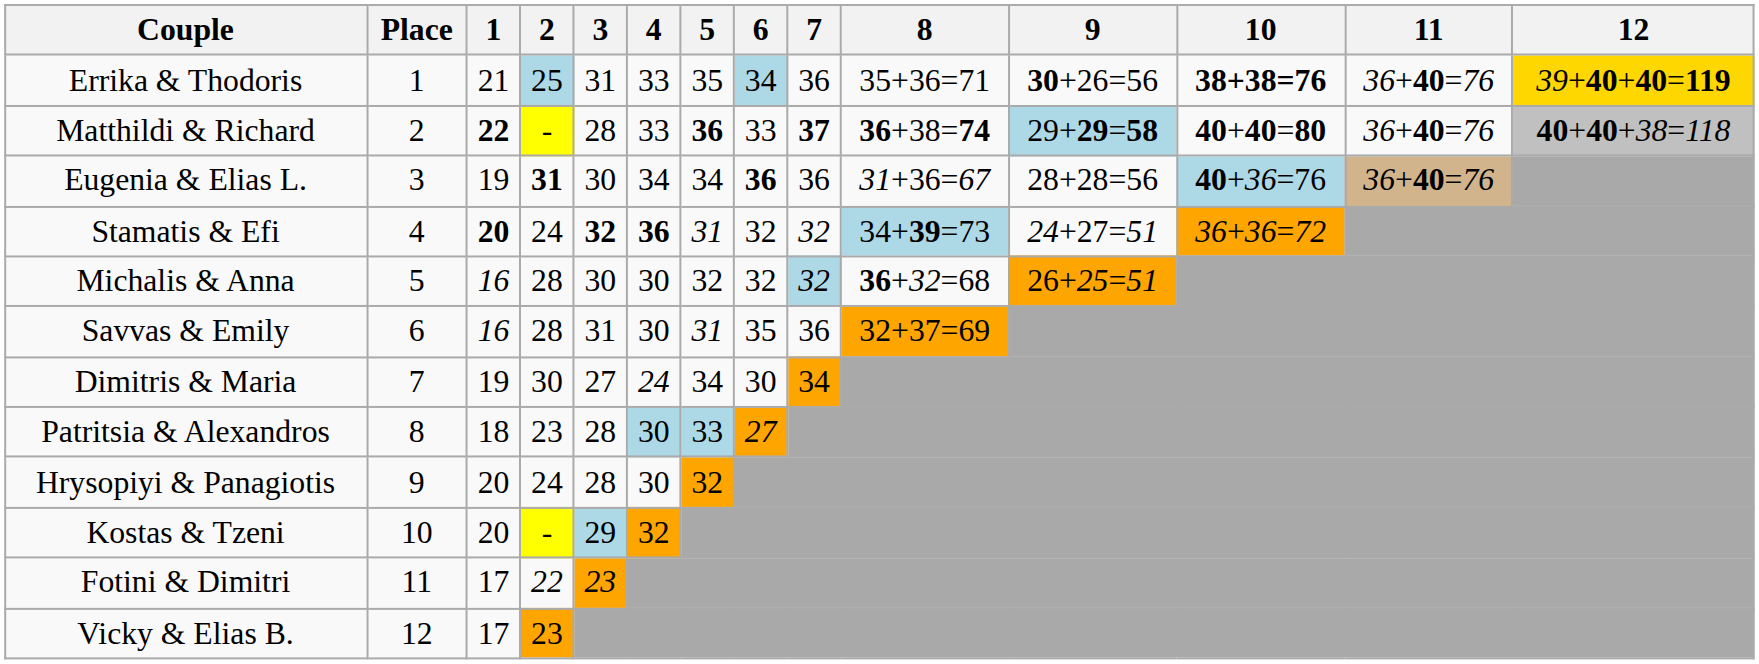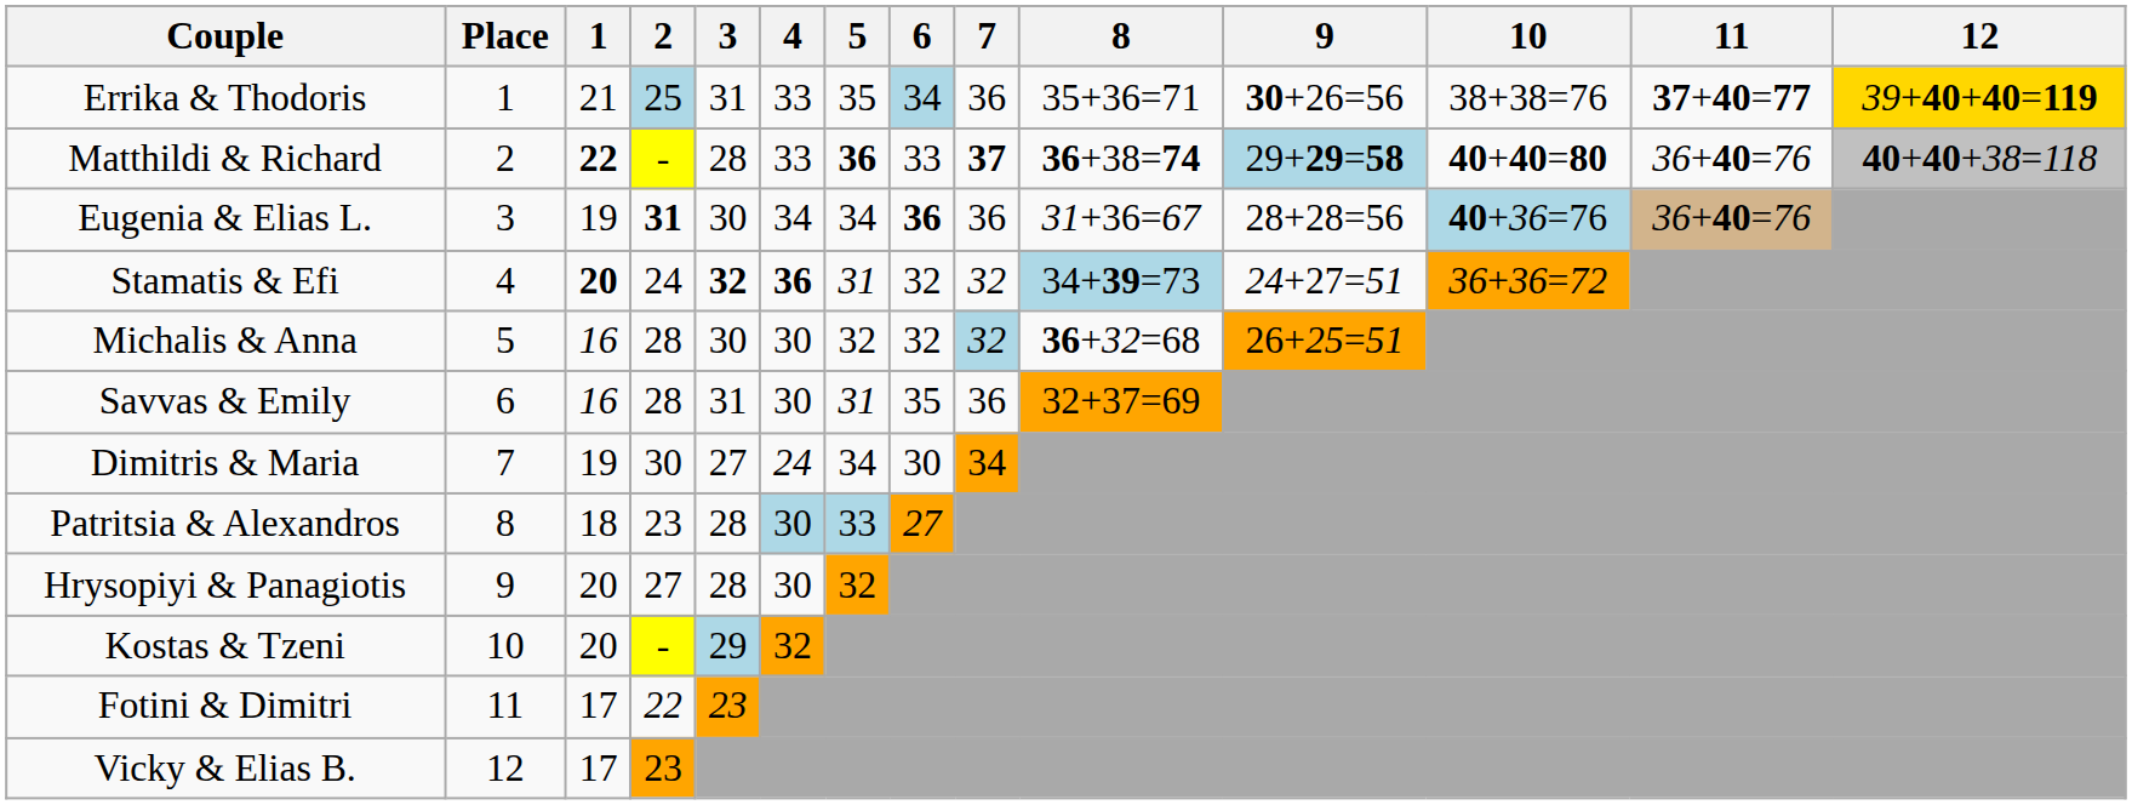 <table class="wikitable sortable"  style="margin:auto; text-align:center; white:nowrap; width:70%;">
 <tr>
 <th>Couple</th>
 <th>Place</th>
 <th>1</th>
 <th>2</th>
 <th>3</th>
 <th>4</th>
 <th>5</th>
 <th>6</th>
 <th>7</th>
 <th>8</th>
 <th>9</th>
 <th>10</th>
 <th>11</th>
 <th>12</th>
 </tr>
 <tr>
 <td>Errika & Thodoris</td>
 <td>1</td>
 <td>21</td>
 <td bgcolor="lightblue">25</td>
 <td>31</td>
 <td>33</td>
 <td>35</td>
 <td bgcolor="lightblue">34</td>
 <td>36</td>
 <td>35+36=71</td>
 <td><span><strong>30</strong></span>+26=56</td>
-<td><strong>38+38=76</strong></td>
-<td><span><em>36</em></span>+<strong>40</strong>=<span><em>76</em></span></td>
+<td>38+38=76</td>
+<td><span><strong>37</strong></span>+<strong>40</strong>=<span><strong>77</strong></span></td>
 <td bgcolor="gold"><span><em>39</em></span>+<strong>40</strong>+<span><strong>40</strong></span>=<span><strong>119</strong></span></td>
 </tr>
 <tr>
 <td>Matthildi & Richard</td>
 <td>2</td>
 <td><span><strong>22</strong></span></td>
 <td bgcolor="yellow">-</td>
 <td>28</td>
 <td>33</td>
 <td><span><strong>36</strong></span></td>
 <td>33</td>
 <td><span><strong>37</strong></span></td>
 <td><span><strong>36</strong></span>+38=<span><strong>74</strong></span></td>
 <td bgcolor="lightblue">29+<span><strong>29</strong></span>=<span><strong>58</strong></span></td>
 <td><span><strong>40</strong></span>+<span><strong>40</strong></span>=<span><strong>80</strong></span></td>
 <td><span><em>36</em></span>+<strong>40</strong>=<span><em>76</em></span></td>
 <td bgcolor="silver"><span><strong>40</strong></span>+<strong>40</strong>+<span><em>38</em></span>=<span><em>118</em></span></td>
 </tr>
 <tr>
 <td>Eugenia & Elias L.</td>
 <td>3</td>
 <td>19</td>
 <td><span><strong>31</strong></span></td>
 <td>30</td>
 <td>34</td>
 <td>34</td>
 <td><span><strong>36</strong></span></td>
 <td>36</td>
 <td><span><em>31</em></span>+36=<span><em>67</em></span></td>
 <td>28+28=56</td>
 <td bgcolor="lightblue"><span><strong>40</strong></span>+<span><em>36</em></span>=76</td>
 <td bgcolor="tan"><span><em>36</em></span>+<strong>40</strong>=<span><em>76</em></span></td>
 <td bgcolor="darkgray" colspan="1"></td>
 </tr>
 <tr>
 <td>Stamatis & Efi</td>
 <td>4</td>
 <td><strong>20</strong></td>
 <td>24</td>
 <td><span><strong>32</strong></span></td>
 <td><span><strong>36</strong></span></td>
 <td><span><em>31</em></span></td>
 <td>32</td>
 <td><span><em>32</em></span></td>
 <td bgcolor="lightblue">34+<span><strong>39</strong></span>=73</td>
 <td><span><em>24</em></span>+27=<span><em>51</em></span></td>
 <td bgcolor="orange"><span><em>36</em></span>+<span><em>36</em></span>=<span><em>72</em></span></td>
 <td bgcolor="darkgray" colspan="2"></td>
 </tr>
 <tr>
 <td>Michalis & Anna</td>
 <td>5</td>
 <td><span><em>16</em></span></td>
 <td>28</td>
 <td>30</td>
 <td>30</td>
 <td>32</td>
 <td>32</td>
 <td bgcolor="lightblue"><span><em>32</em></span></td>
 <td><span><strong>36</strong></span>+<span><em>32</em></span>=68</td>
 <td bgcolor="orange">26+<span><em>25</em></span>=<span><em>51</em></span></td>
 <td bgcolor="darkgray" colspan="3"></td>
 </tr>
 <tr>
 <td>Savvas & Emily</td>
 <td>6</td>
 <td><span><em>16</em></span></td>
 <td>28</td>
 <td>31</td>
 <td>30</td>
 <td><span><em>31</em></span></td>
 <td>35</td>
 <td>36</td>
 <td bgcolor="orange">32+37=69</td>
 <td bgcolor="darkgray" colspan="4"></td>
 </tr>
 <tr>
 <td>Dimitris & Maria</td>
 <td>7</td>
 <td>19</td>
 <td>30</td>
 <td>27</td>
 <td><span><em>24</em></span></td>
 <td>34</td>
 <td>30</td>
 <td bgcolor="orange">34</td>
 <td bgcolor="darkgray" colspan="5"></td>
 </tr>
 <tr>
 <td>Patritsia & Alexandros</td>
 <td>8</td>
 <td>18</td>
 <td>23</td>
 <td>28</td>
 <td bgcolor="lightblue">30</td>
 <td bgcolor="lightblue">33</td>
 <td bgcolor="orange"><span><em>27</em></span></td>
 <td bgcolor="darkgray" colspan="6"></td>
 </tr>
 <tr>
 <td>Hrysopiyi & Panagiotis</td>
 <td>9</td>
 <td>20</td>
-<td>24</td>
+<td>27</td>
 <td>28</td>
 <td>30</td>
 <td bgcolor="orange">32</td>
 <td colspan="7" bgcolor="darkgray"></td>
 </tr>
 <tr>
 <td>Kostas & Tzeni</td>
 <td>10</td>
 <td>20</td>
 <td bgcolor="yellow">-</td>
 <td bgcolor="lightblue">29</td>
 <td bgcolor="orange">32</td>
 <td colspan="8" bgcolor="darkgray"></td>
 </tr>
 <tr>
 <td>Fotini & Dimitri</td>
 <td>11</td>
 <td>17</td>
 <td><span><em>22</em></span></td>
 <td bgcolor="orange"><span><em>23</em></span></td>
 <td colspan="9" bgcolor="darkgray"></td>
 </tr>
 <tr>
 <td>Vicky & Elias B.</td>
 <td>12</td>
 <td>17</td>
 <td bgcolor="orange">23</td>
 <td colspan="10" bgcolor="darkgray"></td>
 </tr>
 </table>
